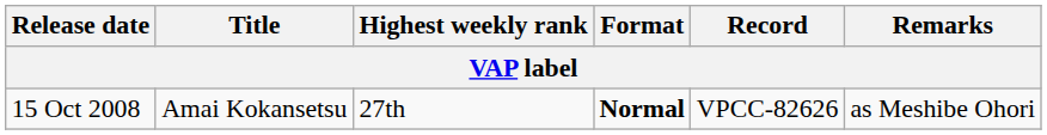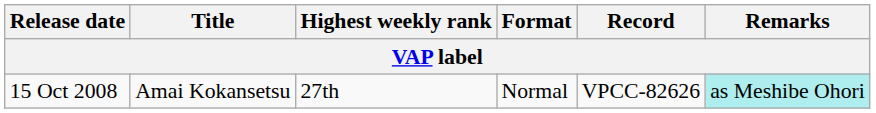 <table class="wikitable">
 <tr>
 <th>Release date</th>
 <th>Title</th>
 <th>Highest weekly rank</th>
 <th>Format</th>
 <th>Record </th>
 <th>Remarks</th>
 </tr>
 <tr>
 <th colspan="6"><a href='#'>VAP</a> label</th>
 </tr>
 <tr>
 <td>15 Oct 2008</td>
 <td>Amai Kokansetsu</td>
 <td>27th</td>
-<td><strong>Normal</strong></td>
+<td>Normal</td>
 <td>VPCC-82626</td>
-<td>as Meshibe Ohori</td>
+<td style="background: paleturquoise;">as Meshibe Ohori</td>
 </tr>
 </table>
